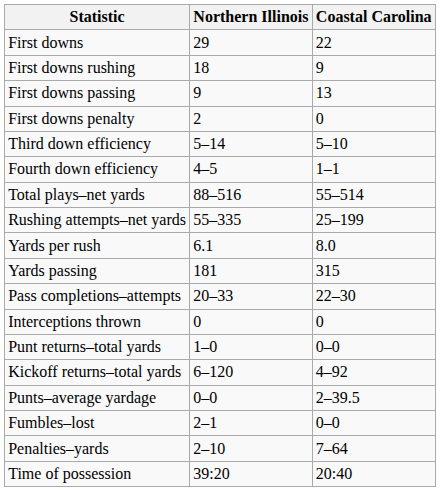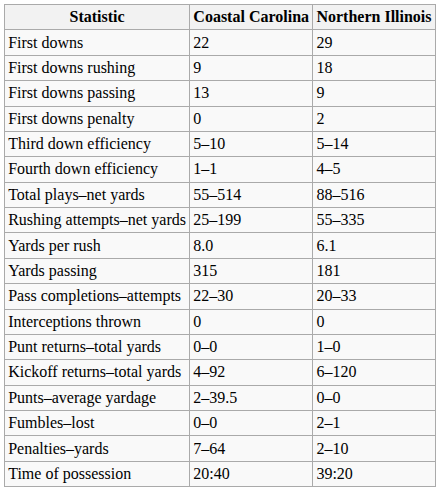 <table class="wikitable">
 <tr>
 <th>Statistic</th>
+<th><strong>Coastal Carolina</strong></th>
 <th><strong>Northern Illinois</strong></th>
-<th><strong>Coastal Carolina</strong></th>
 </tr>
 <tr>
 <td>First downs</td>
+<td>22</td>
 <td>29</td>
-<td>22</td>
 </tr>
 <tr>
 <td>First downs rushing</td>
+<td>9</td>
 <td>18</td>
+</tr>
+<tr>
+<td>First downs passing</td>
+<td>13</td>
 <td>9</td>
 </tr>
 <tr>
-<td>First downs passing</td>
-<td>9</td>
-<td>13</td>
-</tr>
-<tr>
 <td>First downs penalty</td>
+<td>0</td>
 <td>2</td>
-<td>0</td>
 </tr>
 <tr>
 <td>Third down efficiency</td>
+<td>5–10</td>
 <td>5–14</td>
-<td>5–10</td>
 </tr>
 <tr>
 <td>Fourth down efficiency</td>
+<td>1–1</td>
 <td>4–5</td>
-<td>1–1</td>
 </tr>
 <tr>
 <td>Total plays–net yards</td>
+<td>55–514</td>
 <td>88–516</td>
-<td>55–514</td>
 </tr>
 <tr>
 <td>Rushing attempts–net yards</td>
+<td>25–199</td>
 <td>55–335</td>
-<td>25–199</td>
 </tr>
 <tr>
 <td>Yards per rush</td>
+<td>8.0</td>
 <td>6.1</td>
-<td>8.0</td>
 </tr>
 <tr>
 <td>Yards passing</td>
+<td>315</td>
 <td>181</td>
-<td>315</td>
 </tr>
 <tr>
 <td>Pass completions–attempts</td>
+<td>22–30</td>
 <td>20–33</td>
-<td>22–30</td>
 </tr>
 <tr>
 <td>Interceptions thrown</td>
 <td>0</td>
 <td>0</td>
 </tr>
 <tr>
 <td>Punt returns–total yards</td>
+<td>0–0</td>
 <td>1–0</td>
+</tr>
+<tr>
+<td>Kickoff returns–total yards</td>
+<td>4–92</td>
+<td>6–120</td>
+</tr>
+<tr>
+<td>Punts–average yardage</td>
+<td>2–39.5</td>
 <td>0–0</td>
 </tr>
 <tr>
-<td>Kickoff returns–total yards</td>
-<td>6–120</td>
-<td>4–92</td>
-</tr>
-<tr>
-<td>Punts–average yardage</td>
+<td>Fumbles–lost</td>
 <td>0–0</td>
-<td>2–39.5</td>
-</tr>
-<tr>
-<td>Fumbles–lost</td>
 <td>2–1</td>
-<td>0–0</td>
 </tr>
 <tr>
 <td>Penalties–yards</td>
+<td>7–64</td>
 <td>2–10</td>
-<td>7–64</td>
 </tr>
 <tr>
 <td>Time of possession</td>
+<td>20:40</td>
 <td>39:20</td>
-<td>20:40</td>
 </tr>
 </table>
